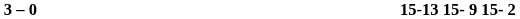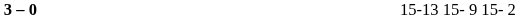 <table width=100% cellspacing=1>
 <tr>
 <th width=20%></th>
 <th width=12%></th>
 <th width=20%></th>
 <th width=33%></th>
 <td></td>
 </tr>
 <tr style=font-size:90%>
 <td align=right></td>
 <td align=center><strong>3 – 0</strong></td>
 <td><strong></strong></td>
-<td><strong>15-13 15- 9 15- 2</strong></td>
+<td>15-13 15- 9 15- 2</td>
 </tr>
 </table>
